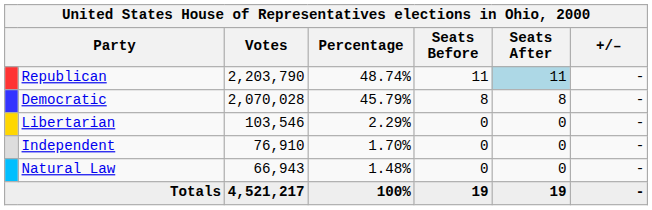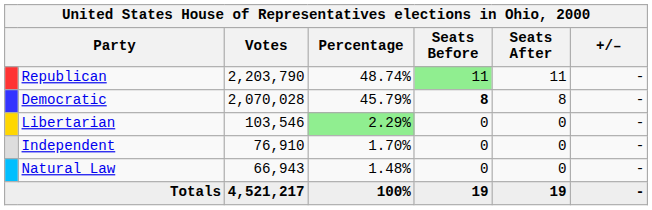 <table class="wikitable" style="font-size: 95%;">
 <tr>
 <th colspan="8">United States House of Representatives elections in Ohio, 2000</th>
 </tr>
 <tr>
 <th colspan=2 style="width: 15em">Party</th>
 <th style="width: 5em">Votes</th>
 <th style="width: 7em">Percentage</th>
 <th style="width: 5em">Seats Before</th>
 <th style="width: 5em">Seats After</th>
 <th style="width: 5em">+/–</th>
 </tr>
 <tr>
 <th style="background-color:#FF3333; width: 3px"></th>
 <td style="width: 130px"><a href='#'>Republican</a></td>
 <td align="right">2,203,790</td>
 <td align="right">48.74%</td>
+<td align="right" style="background: lightgreen;">11</td>
 <td align="right">11</td>
-<td align="right" style="background: lightblue;">11</td>
 <td align="right">-</td>
 </tr>
 <tr>
 <th style="background-color:#3333FF; width: 3px"></th>
 <td style="width: 130px"><a href='#'>Democratic</a></td>
 <td align="right">2,070,028</td>
 <td align="right">45.79%</td>
-<td align="right">8</td>
+<td align="right"><strong>8</strong></td>
 <td align="right">8</td>
 <td align="right">-</td>
 </tr>
 <tr>
 <th style="background-color:#FFD700; width: 3px"></th>
 <td style="width: 130px"><a href='#'>Libertarian</a></td>
 <td align="right">103,546</td>
-<td align="right">2.29%</td>
+<td align="right" style="background: lightgreen;">2.29%</td>
 <td align="right">0</td>
 <td align="right">0</td>
 <td align="right">-</td>
 </tr>
 <tr>
 <th style="background-color:#DDDDDD; width: 3px"></th>
 <td style="width: 130px"><a href='#'>Independent</a></td>
 <td align="right">76,910</td>
 <td align="right">1.70%</td>
 <td align="right">0</td>
 <td align="right">0</td>
 <td align="right">-</td>
 </tr>
 <tr>
 <th style="background-color:#00BFFF; width: 3px"></th>
 <td style="width: 130px"><a href='#'>Natural Law</a></td>
 <td align="right">66,943</td>
 <td align="right">1.48%</td>
 <td align="right">0</td>
 <td align="right">0</td>
 <td align="right">-</td>
 </tr>
 <tr bgcolor="#EEEEEE">
 <td colspan="2" align="right"><strong>Totals</strong></td>
 <td align="right"><strong>4,521,217</strong></td>
 <td align="right"><strong>100%</strong></td>
 <td align="right"><strong>19</strong></td>
 <td align="right"><strong>19</strong></td>
 <td align="right"><strong>-</strong></td>
 </tr>
 </table>
